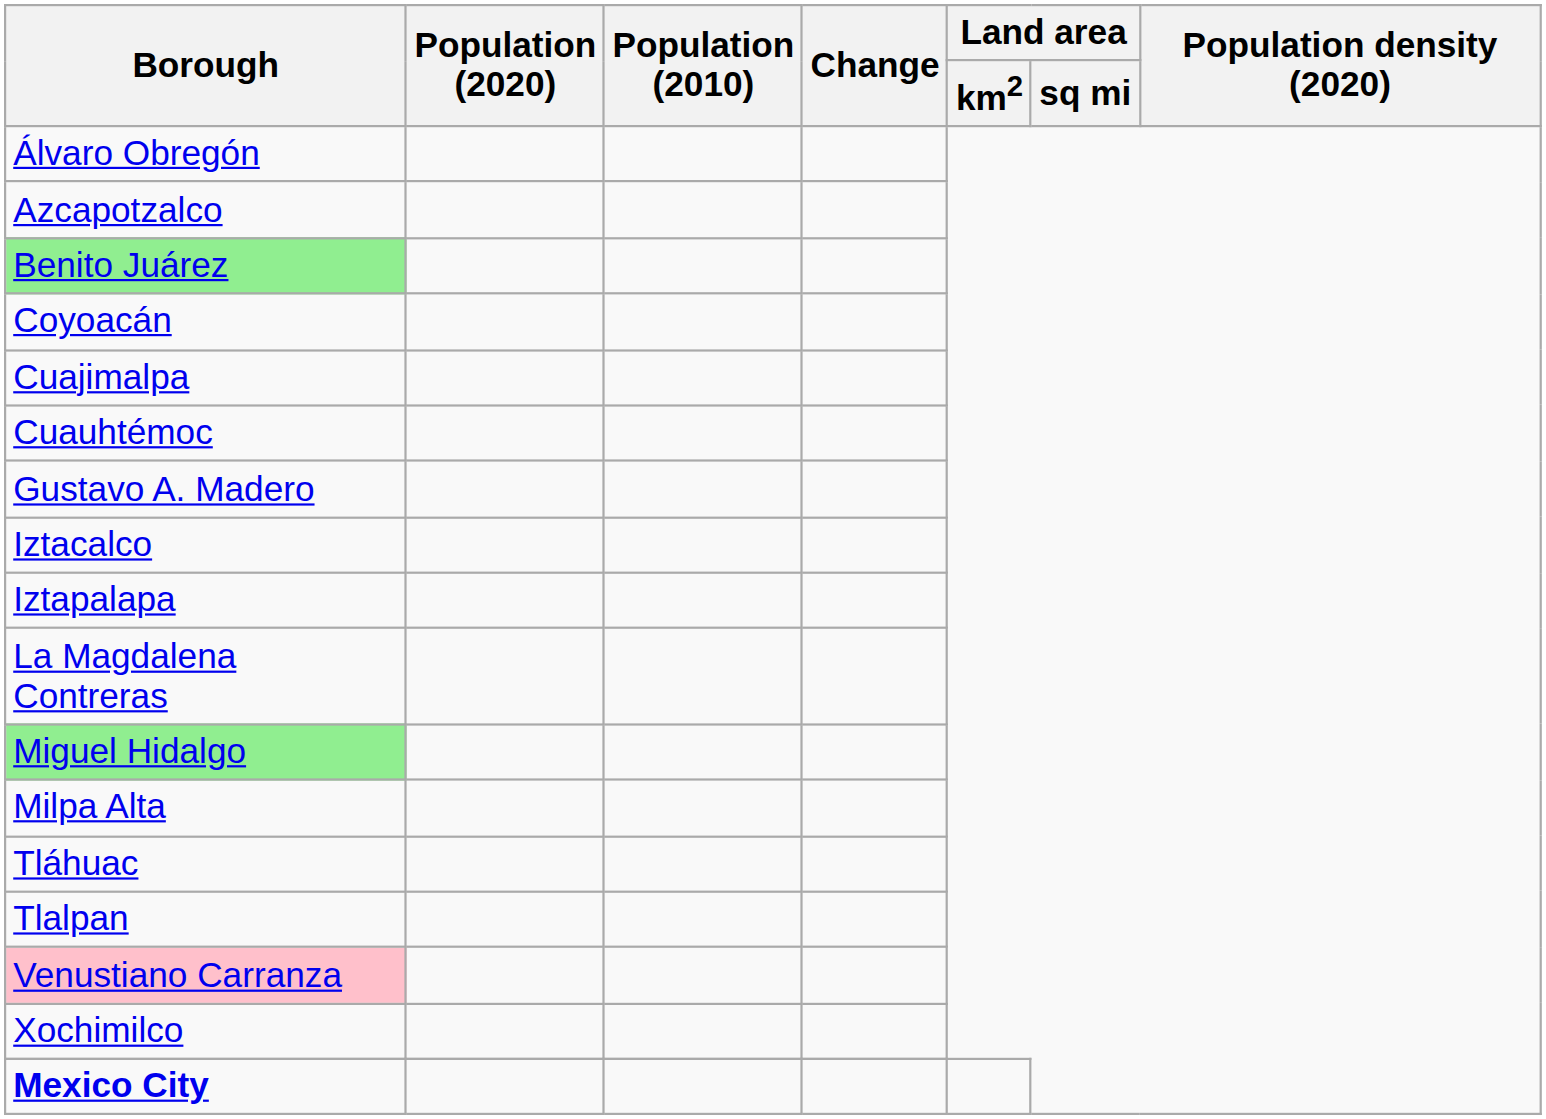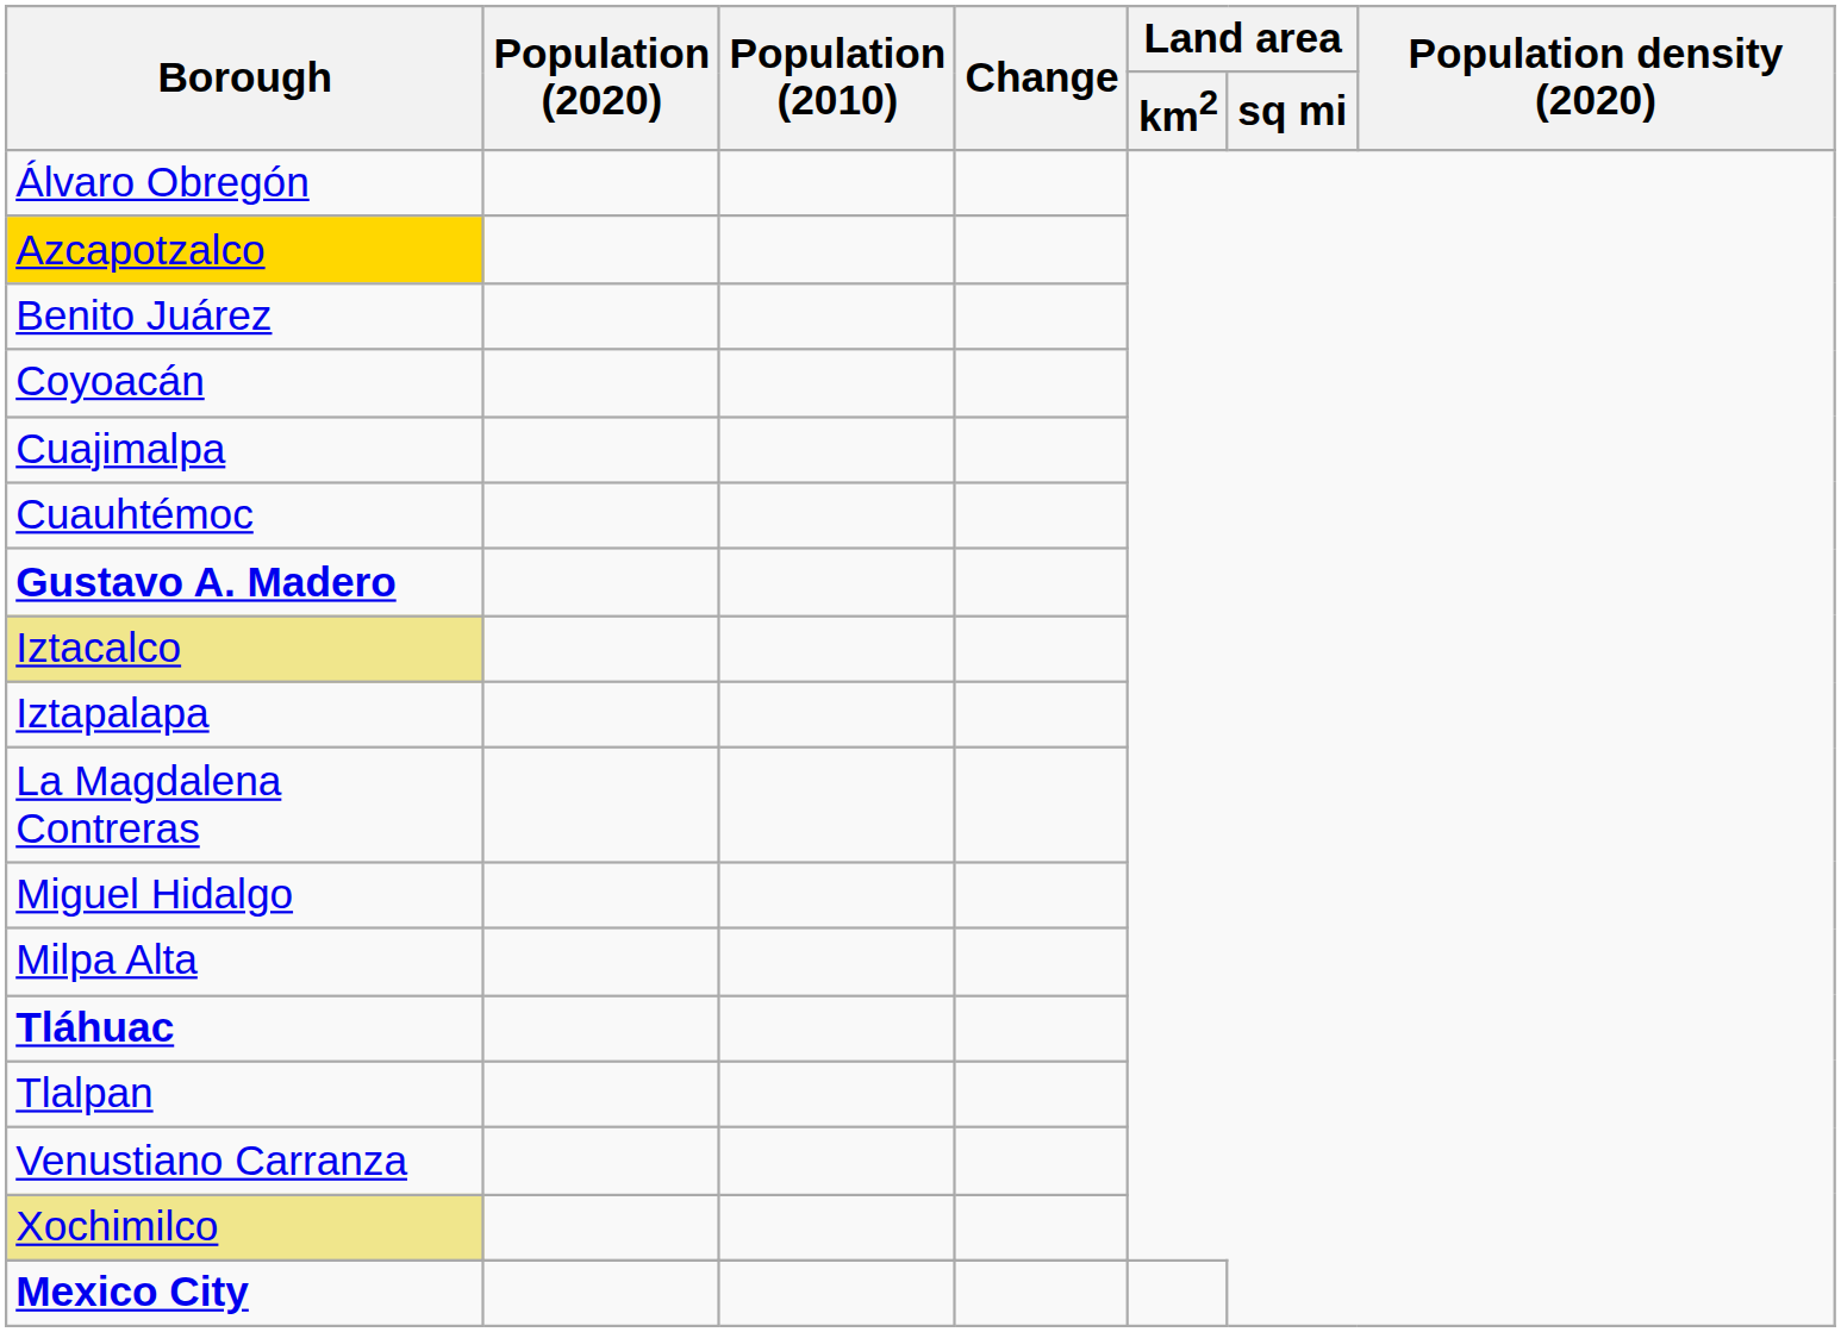 <table class="wikitable sortable" style="text-align:right;">
 <tr>
 <th scope="col"  rowspan=2 width=175>Borough</th>
 <th scope="col"  rowspan=2>Population<br>(2020)</th>
 <th scope="col"  rowspan=2>Population<br>(2010)</th>
 <th scope="col"  rowspan=2>Change</th>
 <th scope="col" data-sort-type="number"  colspan=2>Land area</th>
 <th scope="col" data-sort-type="number"  rowspan=2 width=175>Population density<br>(2020)</th>
 </tr>
 <tr>
 <th>km<sup>2</sup></th>
 <th>sq mi</th>
 </tr>
 <tr>
 <td align="left"><a href='#'>Álvaro Obregón</a></td>
 <td></td>
 <td></td>
 <td></td>
 </tr>
 <tr>
-<td align="left"><a href='#'>Azcapotzalco</a></td>
+<td align="left" style="background: gold;"><a href='#'>Azcapotzalco</a></td>
 <td></td>
 <td></td>
 <td></td>
 </tr>
 <tr>
-<td align="left" style="background: lightgreen;"><a href='#'>Benito Juárez</a></td>
+<td align="left"><a href='#'>Benito Juárez</a></td>
 <td></td>
 <td></td>
 <td></td>
 </tr>
 <tr>
 <td align="left"><a href='#'>Coyoacán</a></td>
 <td></td>
 <td></td>
 <td></td>
 </tr>
 <tr>
 <td align="left"><a href='#'>Cuajimalpa</a></td>
 <td></td>
 <td></td>
 <td></td>
 </tr>
 <tr>
 <td align="left"><a href='#'>Cuauhtémoc</a></td>
 <td></td>
 <td></td>
 <td></td>
 </tr>
 <tr>
-<td align="left"><a href='#'>Gustavo A. Madero</a></td>
+<td align="left"><strong><a href='#'>Gustavo A. Madero</a></strong></td>
 <td></td>
 <td></td>
 <td></td>
 </tr>
 <tr>
-<td align="left"><a href='#'>Iztacalco</a></td>
+<td align="left" style="background: khaki;"><a href='#'>Iztacalco</a></td>
 <td></td>
 <td></td>
 <td></td>
 </tr>
 <tr>
 <td align="left"><a href='#'>Iztapalapa</a></td>
 <td></td>
 <td></td>
 <td></td>
 </tr>
 <tr>
 <td align="left"><a href='#'>La Magdalena Contreras</a></td>
 <td></td>
 <td></td>
 <td></td>
 </tr>
 <tr>
-<td align="left" style="background: lightgreen;"><a href='#'>Miguel Hidalgo</a></td>
+<td align="left"><a href='#'>Miguel Hidalgo</a></td>
 <td></td>
 <td></td>
 <td></td>
 </tr>
 <tr>
 <td align="left"><a href='#'>Milpa Alta</a></td>
 <td></td>
 <td></td>
 <td></td>
 </tr>
 <tr>
-<td align="left"><a href='#'>Tláhuac</a></td>
+<td align="left"><strong><a href='#'>Tláhuac</a></strong></td>
 <td></td>
 <td></td>
 <td></td>
 </tr>
 <tr>
 <td align="left"><a href='#'>Tlalpan</a></td>
 <td></td>
 <td></td>
 <td></td>
 </tr>
 <tr>
-<td align="left" style="background: pink;"><a href='#'>Venustiano Carranza</a></td>
+<td align="left"><a href='#'>Venustiano Carranza</a></td>
 <td></td>
 <td></td>
 <td></td>
 </tr>
 <tr>
-<td align="left"><a href='#'>Xochimilco</a></td>
+<td align="left" style="background: khaki;"><a href='#'>Xochimilco</a></td>
 <td></td>
 <td></td>
 <td></td>
 </tr>
 <tr>
 </tr>
 <tr class="sortbottom" style="text-align:center;" style="background: #f2f2f2;">
 <td scope="row" align="left"><strong><a href='#'>Mexico City</a></strong></td>
 <td></td>
 <td><strong></strong></td>
 <td align="right"><strong></strong></td>
 <td align="right"><strong></strong></td>
 </tr>
 </table>
